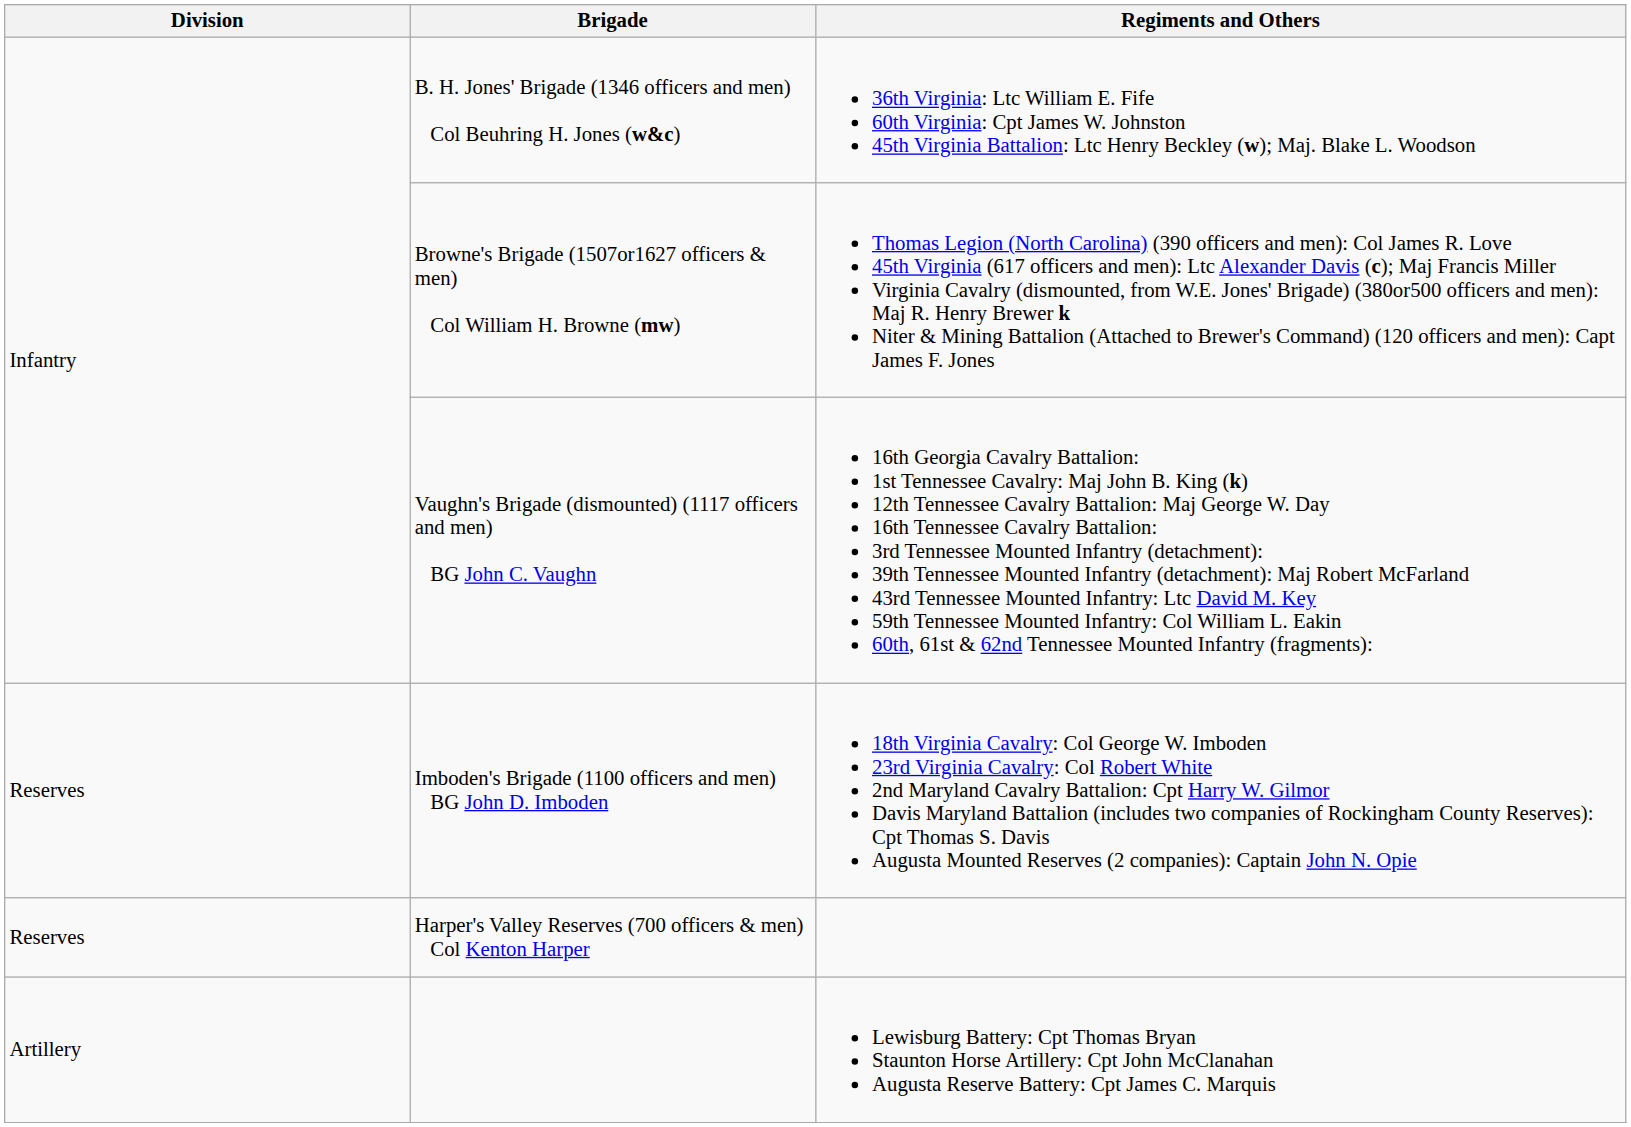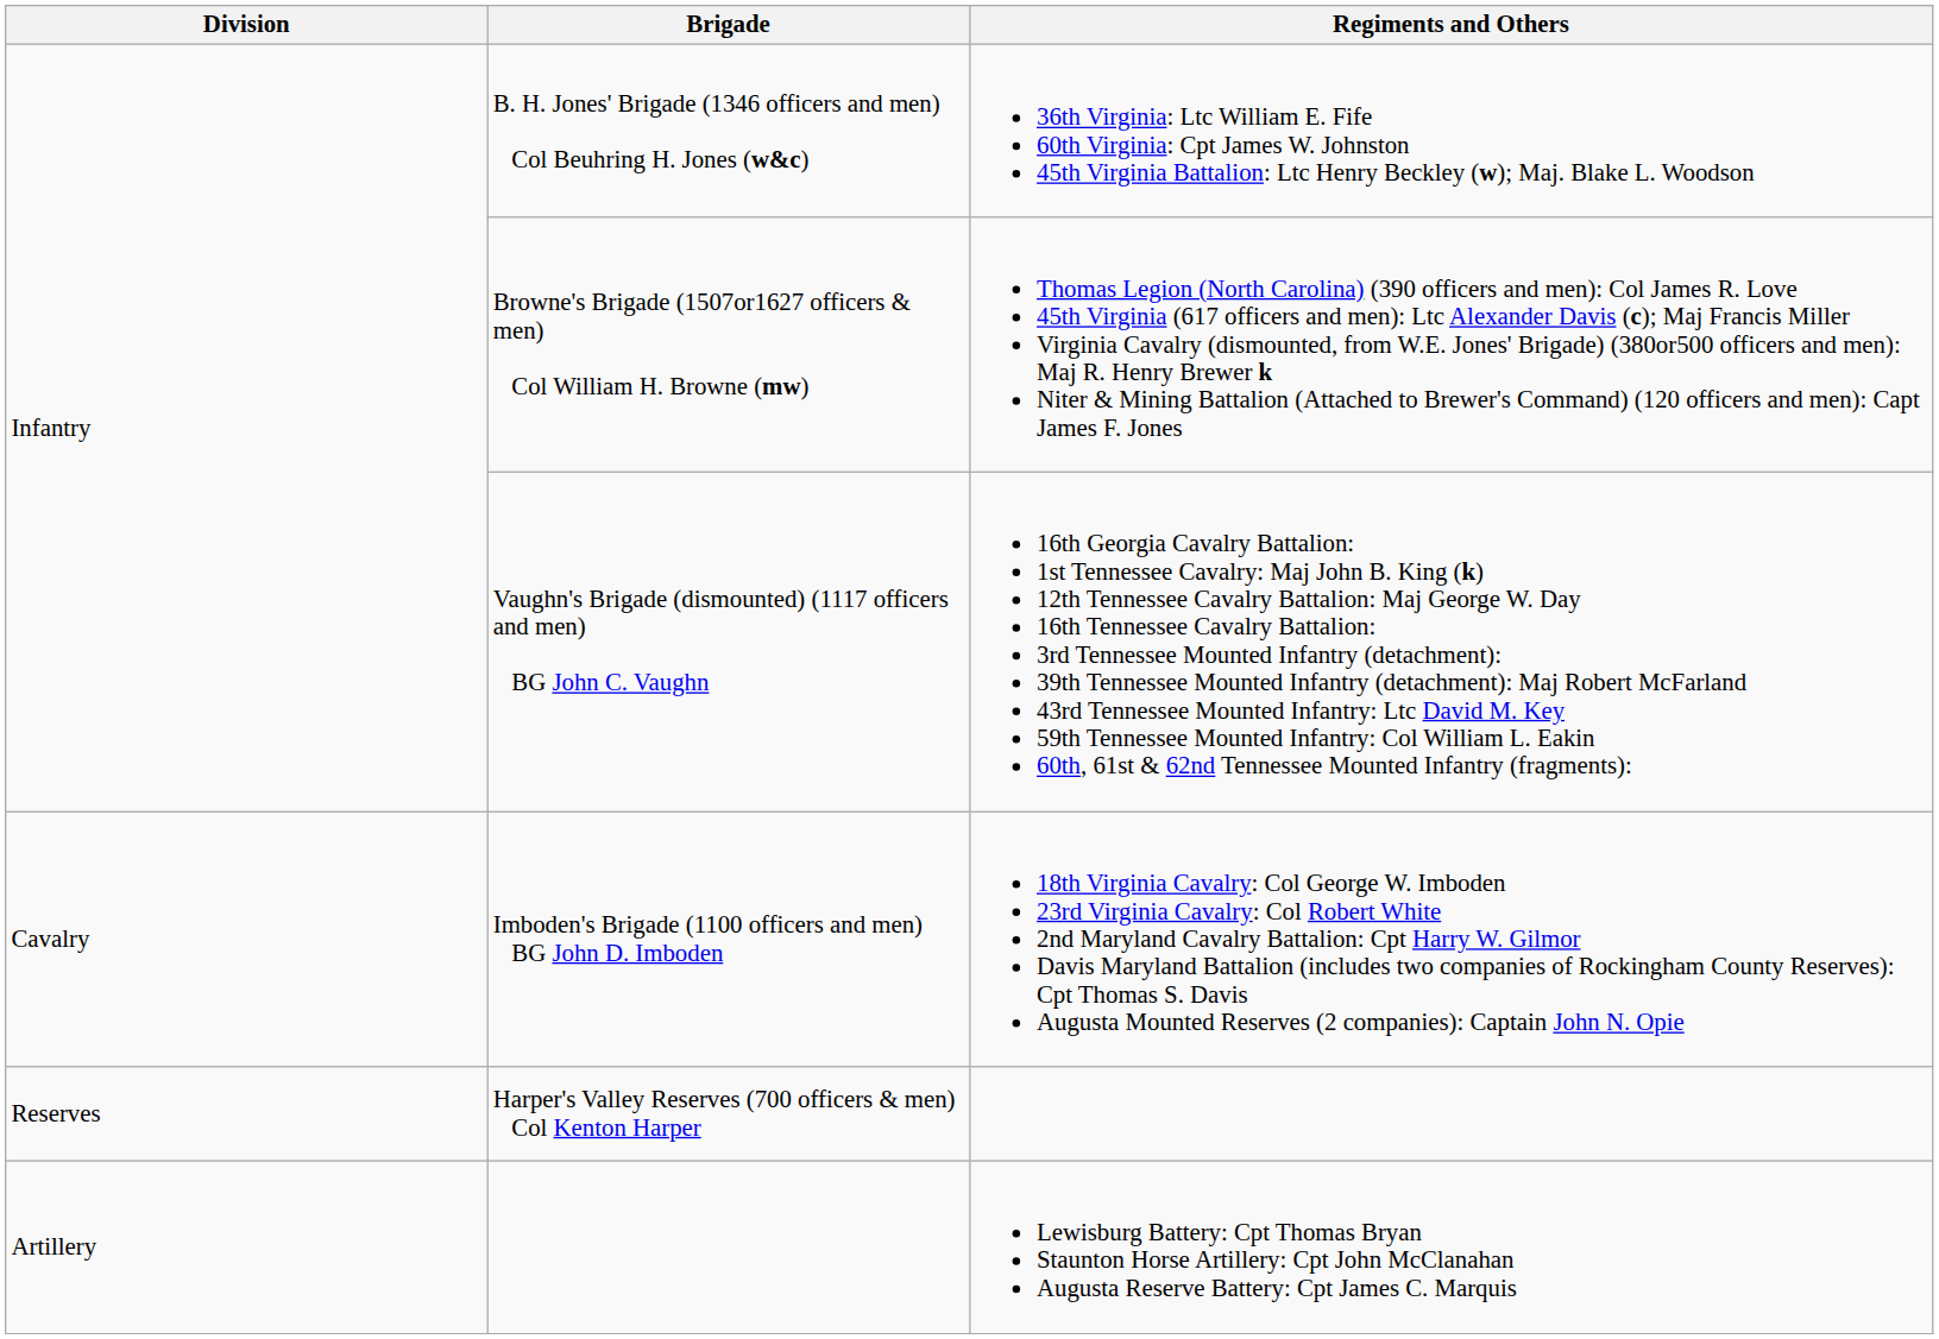 <table class="wikitable">
 <tr>
 <th width=25%>Division</th>
 <th width=25%>Brigade</th>
 <th>Regiments and Others</th>
 </tr>
 <tr>
 <td rowspan=3><br>Infantry <br>    </td>
 <td>B. H. Jones' Brigade (1346 officers and men)<br><br>   Col Beuhring H. Jones (<strong>w&c</strong>)</td>
 <td><br><ul><li><a href='#'>36th Virginia</a>: Ltc William E. Fife</li><li><a href='#'>60th Virginia</a>: Cpt James W. Johnston</li><li><a href='#'>45th Virginia Battalion</a>: Ltc Henry Beckley (<strong>w</strong>); Maj. Blake L. Woodson</li></ul></td>
 </tr>
 <tr>
 <td>Browne's Brigade (1507or1627 officers & men)<br><br>   Col William H. Browne (<strong>mw</strong>)</td>
 <td><br><ul><li><a href='#'>Thomas Legion (North Carolina)</a> (390 officers and men): Col James R. Love</li><li><a href='#'>45th Virginia</a> (617 officers and men): Ltc <a href='#'>Alexander Davis</a> (<strong>c</strong>); Maj Francis Miller</li><li>Virginia Cavalry (dismounted, from W.E. Jones' Brigade) (380or500 officers and men): Maj R. Henry Brewer <strong>k</strong></li><li>Niter & Mining Battalion (Attached to Brewer's Command) (120 officers and men): Capt James F. Jones</li></ul></td>
 </tr>
 <tr>
 <td>Vaughn's Brigade (dismounted) (1117 officers and men)<br><br>   BG <a href='#'>John C. Vaughn</a></td>
 <td><br><ul><li>16th Georgia Cavalry Battalion:</li><li>1st Tennessee Cavalry: Maj John B. King (<strong>k</strong>)</li><li>12th Tennessee Cavalry Battalion: Maj George W. Day</li><li>16th Tennessee Cavalry Battalion:</li><li>3rd Tennessee Mounted Infantry (detachment):</li><li>39th Tennessee Mounted Infantry (detachment): Maj Robert McFarland</li><li>43rd Tennessee Mounted Infantry: Ltc <a href='#'>David M. Key</a></li><li>59th Tennessee Mounted Infantry: Col William L. Eakin</li><li><a href='#'>60th</a>, 61st & <a href='#'>62nd</a> Tennessee Mounted Infantry (fragments):</li></ul></td>
 </tr>
 <tr>
-<td rowspan=1><br>Reserves <br>    </td>
+<td rowspan=1><br>Cavalry <br>    </td>
 <td>Imboden's Brigade (1100 officers and men)<br>   BG <a href='#'>John D. Imboden</a></td>
 <td><br><ul><li><a href='#'>18th Virginia Cavalry</a>: Col George W. Imboden</li><li><a href='#'>23rd Virginia Cavalry</a>: Col <a href='#'>Robert White</a></li><li>2nd Maryland Cavalry Battalion: Cpt <a href='#'>Harry W. Gilmor</a></li><li>Davis Maryland Battalion (includes two companies of Rockingham County Reserves): Cpt Thomas S. Davis</li><li>Augusta Mounted Reserves (2 companies): Captain <a href='#'>John N. Opie</a></li></ul></td>
 </tr>
 <tr>
 <td rowspan=1><br>Reserves <br>    </td>
 <td>Harper's Valley Reserves (700 officers & men)<br>   Col <a href='#'>Kenton Harper</a></td>
 </tr>
 <tr>
 <td rowspan=1><br>Artillery <br>    </td>
 <td></td>
 <td><br><ul><li>Lewisburg Battery: Cpt Thomas Bryan</li><li>Staunton Horse Artillery: Cpt John McClanahan</li><li>Augusta Reserve Battery: Cpt James C. Marquis</li></ul></td>
 </tr>
 <tr>
 </tr>
 </table>
